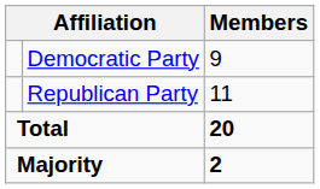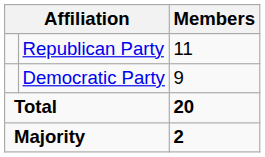 <table class="wikitable">
 <tr>
 <th colspan="2">Affiliation</th>
 <th>Members</th>
 </tr>
 <tr>
 <td style="background-color:"> </td>
-<td><a href='#'>Democratic Party</a></td>
-<td>9</td>
+<td><a href='#'>Republican Party</a></td>
+<td>11</td>
 </tr>
 <tr>
 <td style="background-color:"> </td>
-<td><a href='#'>Republican Party</a></td>
-<td>11</td>
+<td><a href='#'>Democratic Party</a></td>
+<td>9</td>
 </tr>
 <tr>
 <td colspan="2" rowspan="1"> <strong>Total</strong><br></td>
 <td><strong>20</strong></td>
 </tr>
 <tr>
 <td colspan="2" rowspan="1"> <strong>Majority</strong><br></td>
 <td><strong>2</strong></td>
 </tr>
 </table>
